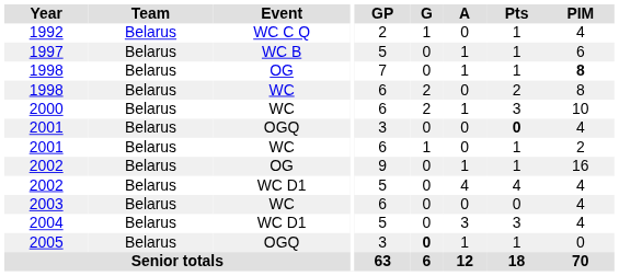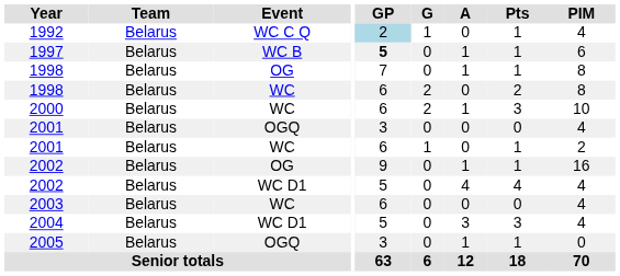 <table border="0" cellpadding="1" cellspacing="0" style="text-align:center; width:40em">
 <tr bgcolor="#e0e0e0">
 <th>Year</th>
 <th>Team</th>
 <th>Event</th>
 <th rowspan="99" bgcolor="#ffffff"></th>
 <th>GP</th>
 <th>G</th>
 <th>A</th>
 <th>Pts</th>
 <th>PIM</th>
 </tr>
 <tr>
 <td><a href='#'>1992</a></td>
 <td><a href='#'>Belarus</a></td>
 <td><a href='#'>WC C Q</a></td>
-<td>2</td>
+<td style="background: lightblue;">2</td>
 <td>1</td>
 <td>0</td>
 <td>1</td>
 <td>4</td>
 </tr>
 <tr bgcolor="#f0f0f0">
 <td><a href='#'>1997</a></td>
 <td>Belarus</td>
 <td><a href='#'>WC B</a></td>
-<td>5</td>
+<td><strong>5</strong></td>
 <td>0</td>
 <td>1</td>
 <td>1</td>
 <td>6</td>
 </tr>
 <tr>
 <td><a href='#'>1998</a></td>
 <td>Belarus</td>
 <td><a href='#'>OG</a></td>
 <td>7</td>
 <td>0</td>
 <td>1</td>
 <td>1</td>
-<td><strong>8</strong></td>
+<td>8</td>
 </tr>
 <tr bgcolor="#f0f0f0">
 <td><a href='#'>1998</a></td>
 <td>Belarus</td>
 <td><a href='#'>WC</a></td>
 <td>6</td>
 <td>2</td>
 <td>0</td>
 <td>2</td>
 <td>8</td>
 </tr>
 <tr>
 <td><a href='#'>2000</a></td>
 <td>Belarus</td>
 <td>WC</td>
 <td>6</td>
 <td>2</td>
 <td>1</td>
 <td>3</td>
 <td>10</td>
 </tr>
 <tr bgcolor="#f0f0f0">
 <td><a href='#'>2001</a></td>
 <td>Belarus</td>
 <td>OGQ</td>
 <td>3</td>
 <td>0</td>
 <td>0</td>
-<td><strong>0</strong></td>
+<td>0</td>
 <td>4</td>
 </tr>
 <tr>
 <td><a href='#'>2001</a></td>
 <td>Belarus</td>
 <td>WC</td>
 <td>6</td>
 <td>1</td>
 <td>0</td>
 <td>1</td>
 <td>2</td>
 </tr>
 <tr bgcolor="#f0f0f0">
 <td><a href='#'>2002</a></td>
 <td>Belarus</td>
 <td>OG</td>
 <td>9</td>
 <td>0</td>
 <td>1</td>
 <td>1</td>
 <td>16</td>
 </tr>
 <tr>
 <td><a href='#'>2002</a></td>
 <td>Belarus</td>
 <td>WC D1</td>
 <td>5</td>
 <td>0</td>
 <td>4</td>
 <td>4</td>
 <td>4</td>
 </tr>
 <tr bgcolor="#f0f0f0">
 <td><a href='#'>2003</a></td>
 <td>Belarus</td>
 <td>WC</td>
 <td>6</td>
 <td>0</td>
 <td>0</td>
 <td>0</td>
 <td>4</td>
 </tr>
 <tr>
 <td><a href='#'>2004</a></td>
 <td>Belarus</td>
 <td>WC D1</td>
 <td>5</td>
 <td>0</td>
 <td>3</td>
 <td>3</td>
 <td>4</td>
 </tr>
 <tr bgcolor="#f0f0f0">
 <td><a href='#'>2005</a></td>
 <td>Belarus</td>
 <td>OGQ</td>
 <td>3</td>
-<td><strong>0</strong></td>
+<td>0</td>
 <td>1</td>
 <td>1</td>
 <td>0</td>
 </tr>
 <tr bgcolor="#e0e0e0">
 <th colspan="3">Senior totals</th>
 <th>63</th>
 <th>6</th>
 <th>12</th>
 <th>18</th>
 <th>70</th>
 </tr>
 </table>
